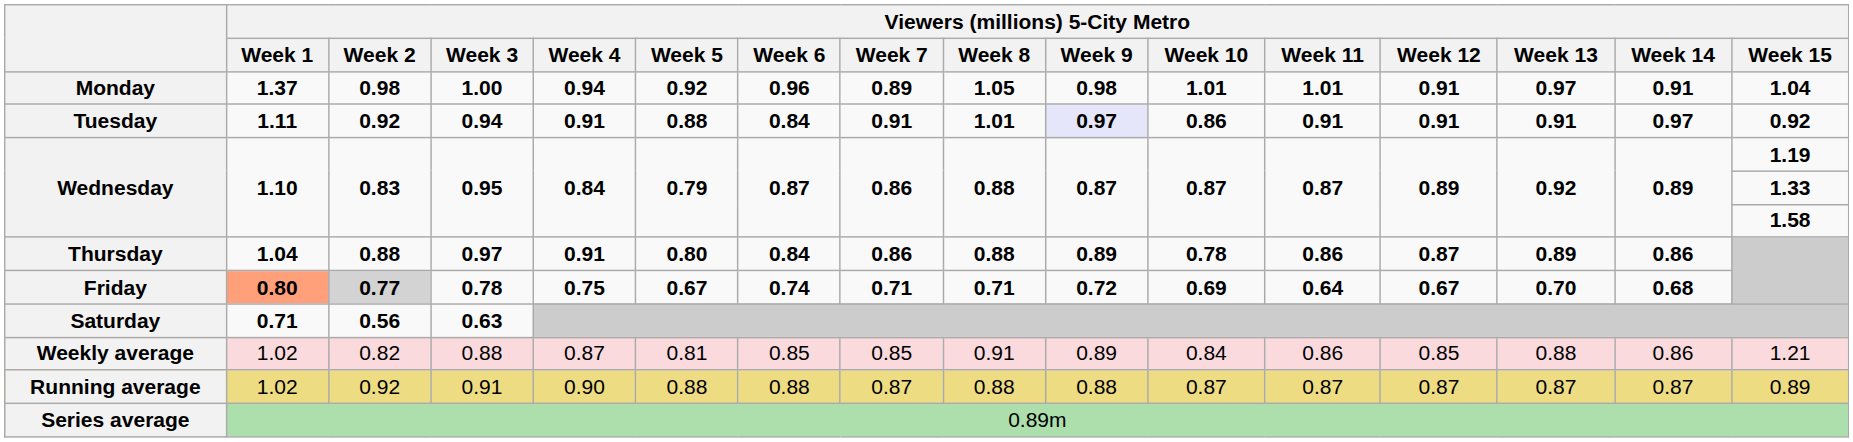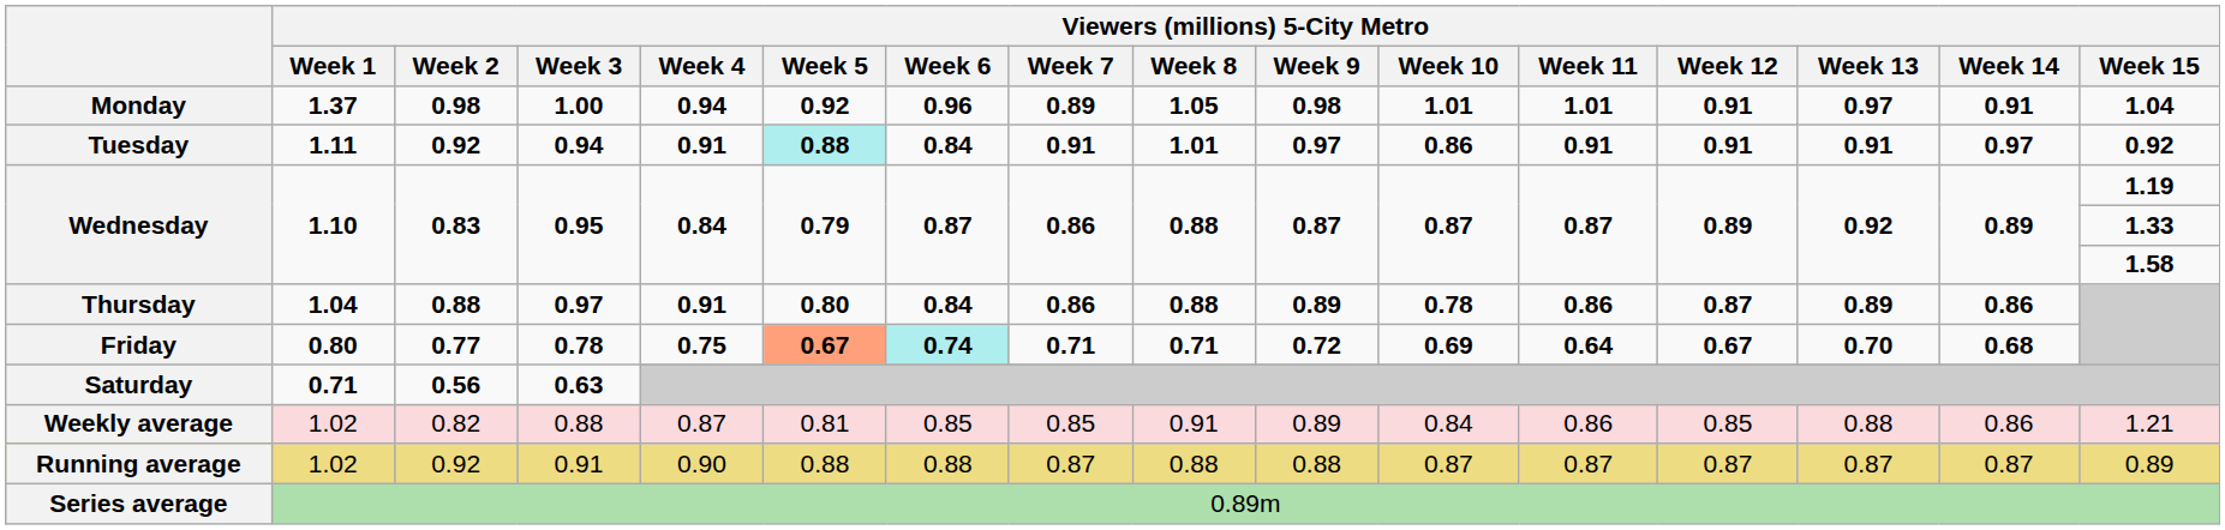 <table class="wikitable" style="font-size:90%; text-align:center; width: 100%; margin-left: auto; margin-right: auto;">
 <tr>
 <th scope="col" rowspan="2" style="width:12%;"></th>
 <th scope=col colspan=15>Viewers (millions) 5-City Metro</th>
 </tr>
 <tr>
 <th>Week 1</th>
 <th>Week 2</th>
 <th>Week 3</th>
 <th>Week 4</th>
 <th>Week 5</th>
 <th>Week 6</th>
 <th>Week 7</th>
 <th>Week 8</th>
 <th>Week 9</th>
 <th>Week 10</th>
 <th>Week 11</th>
 <th>Week 12</th>
 <th>Week 13</th>
 <th>Week 14</th>
 <th>Week 15</th>
 </tr>
 <tr>
 <th>Monday</th>
 <td><strong>1.37</strong></td>
 <td><strong>0.98</strong></td>
 <td><strong>1.00</strong></td>
 <td><strong>0.94</strong></td>
 <td><strong>0.92</strong></td>
 <td><strong>0.96</strong></td>
 <td><strong>0.89</strong></td>
 <td><strong>1.05</strong></td>
 <td><strong>0.98</strong></td>
 <td><strong>1.01</strong></td>
 <td><strong>1.01</strong></td>
 <td><strong>0.91</strong></td>
 <td><strong>0.97</strong></td>
 <td><strong>0.91</strong></td>
 <td><strong>1.04</strong></td>
 </tr>
 <tr>
 <th>Tuesday</th>
 <td><strong>1.11</strong></td>
 <td><strong>0.92</strong></td>
 <td><strong>0.94</strong></td>
 <td><strong>0.91</strong></td>
-<td><strong>0.88</strong></td>
+<td style="background: paleturquoise;"><strong>0.88</strong></td>
 <td><strong>0.84</strong></td>
 <td><strong>0.91</strong></td>
 <td><strong>1.01</strong></td>
-<td style="background: lavender;"><strong>0.97</strong></td>
+<td><strong>0.97</strong></td>
 <td><strong>0.86</strong></td>
 <td><strong>0.91</strong></td>
 <td><strong>0.91</strong></td>
 <td><strong>0.91</strong></td>
 <td><strong>0.97</strong></td>
 <td><strong>0.92</strong></td>
 </tr>
 <tr>
 <th rowspan=3>Wednesday</th>
 <td rowspan=3><strong>1.10</strong></td>
 <td rowspan=3><strong>0.83</strong></td>
 <td rowspan=3><strong>0.95</strong></td>
 <td rowspan=3><strong>0.84</strong></td>
 <td rowspan=3><strong>0.79</strong></td>
 <td rowspan=3><strong>0.87</strong></td>
 <td rowspan=3><strong>0.86</strong></td>
 <td rowspan=3><strong>0.88</strong></td>
 <td rowspan=3><strong>0.87</strong></td>
 <td rowspan=3><strong>0.87</strong></td>
 <td rowspan=3><strong>0.87</strong></td>
 <td rowspan=3><strong>0.89</strong></td>
 <td rowspan=3><strong>0.92</strong></td>
 <td rowspan="3"><strong>0.89</strong></td>
 <td><strong>1.19</strong></td>
 </tr>
 <tr>
 <td><strong>1.33</strong></td>
 </tr>
 <tr>
 <td><strong>1.58</strong></td>
 </tr>
 <tr>
 <th>Thursday</th>
 <td><strong>1.04</strong></td>
 <td><strong>0.88</strong></td>
 <td><strong>0.97</strong></td>
 <td><strong>0.91</strong></td>
 <td><strong>0.80</strong></td>
 <td><strong>0.84</strong></td>
 <td><strong>0.86</strong></td>
 <td><strong>0.88</strong></td>
 <td><strong>0.89</strong></td>
 <td><strong>0.78</strong></td>
 <td><strong>0.86</strong></td>
 <td><strong>0.87</strong></td>
 <td><strong>0.89</strong></td>
 <td><strong>0.86</strong></td>
 <td style="background:#CCCCCC;" rowspan=2></td>
 </tr>
 <tr>
 <th>Friday</th>
-<td style="background: lightsalmon;"><strong>0.80</strong></td>
-<td style="background: lightgrey;"><strong>0.77</strong></td>
+<td><strong>0.80</strong></td>
+<td><strong>0.77</strong></td>
 <td><strong>0.78</strong></td>
 <td><strong>0.75</strong></td>
-<td><strong>0.67</strong></td>
-<td><strong>0.74</strong></td>
+<td style="background: lightsalmon;"><strong>0.67</strong></td>
+<td style="background: paleturquoise;"><strong>0.74</strong></td>
 <td><strong>0.71</strong></td>
 <td><strong>0.71</strong></td>
 <td><strong>0.72</strong></td>
 <td><strong>0.69</strong></td>
 <td><strong>0.64</strong></td>
 <td><strong>0.67</strong></td>
 <td><strong>0.70</strong></td>
 <td><strong>0.68</strong></td>
 </tr>
 <tr>
 <th>Saturday</th>
 <td><strong>0.71</strong></td>
 <td><strong>0.56</strong></td>
 <td><strong>0.63</strong></td>
 <td style="background:#CCCCCC;" colspan=12></td>
 </tr>
 <tr style="background:#FADADD;" |>
 <th>Weekly average</th>
 <td>1.02</td>
 <td>0.82</td>
 <td>0.88</td>
 <td>0.87</td>
 <td>0.81</td>
 <td>0.85</td>
 <td>0.85</td>
 <td>0.91</td>
 <td>0.89</td>
 <td>0.84</td>
 <td>0.86</td>
 <td>0.85</td>
 <td>0.88</td>
 <td>0.86</td>
 <td colspan="14">1.21</td>
 </tr>
 <tr style="background:#EEDC82;" |>
 <th>Running average</th>
 <td>1.02</td>
 <td>0.92</td>
 <td>0.91</td>
 <td>0.90</td>
 <td>0.88</td>
 <td>0.88</td>
 <td>0.87</td>
 <td>0.88</td>
 <td>0.88</td>
 <td>0.87</td>
 <td>0.87</td>
 <td>0.87</td>
 <td>0.87</td>
 <td>0.87</td>
 <td colspan="13">0.89</td>
 </tr>
 <tr style="background:#ADDFAD;" |>
 <th>Series average</th>
 <td colspan="16">0.89m</td>
 </tr>
 </table>
